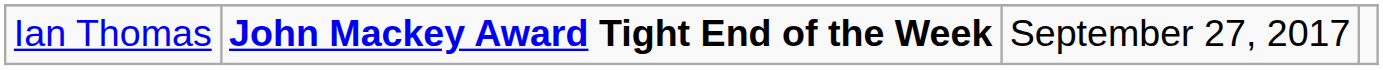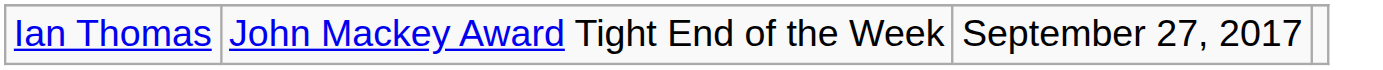 <table class="wikitable" style="text-align: center">
 <tr>
 </tr>
 <tr>
 <td><a href='#'>Ian Thomas</a></td>
-<td><strong><a href='#'>John Mackey Award</a> Tight End of the Week</strong></td>
+<td><a href='#'>John Mackey Award</a> Tight End of the Week</td>
 <td>September 27, 2017</td>
 <td></td>
 </tr>
 </table>
